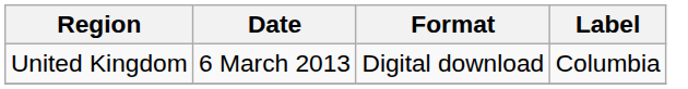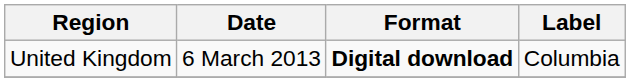 <table class=wikitable>
 <tr>
 <th scope="col">Region</th>
 <th scope="col">Date</th>
 <th scope="col">Format</th>
 <th scope="col">Label</th>
 </tr>
 <tr>
 <td>United Kingdom</td>
 <td>6 March 2013</td>
-<td>Digital download</td>
+<td><strong>Digital download</strong></td>
 <td>Columbia</td>
 </tr>
 <tr>
 </tr>
 </table>
